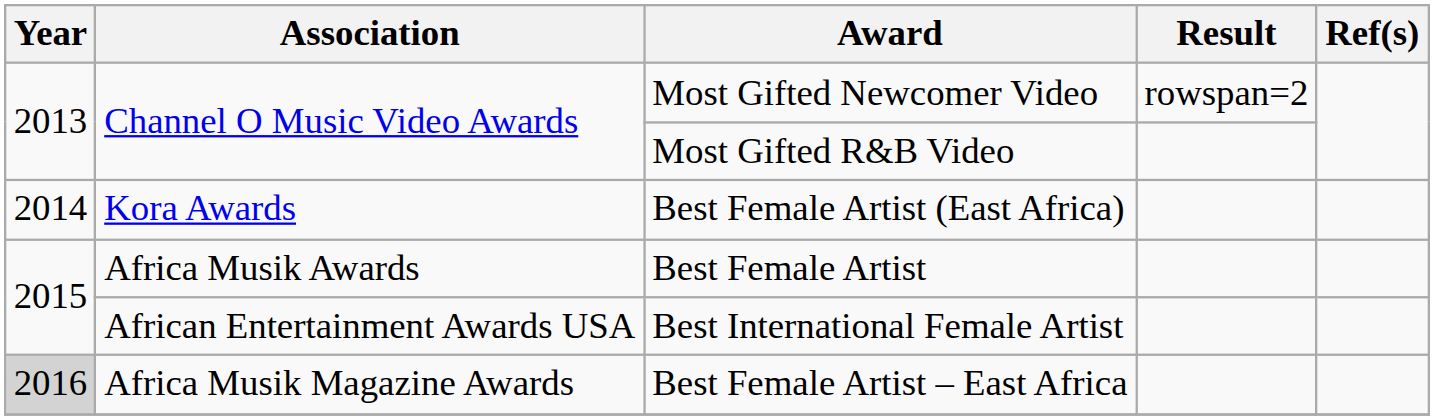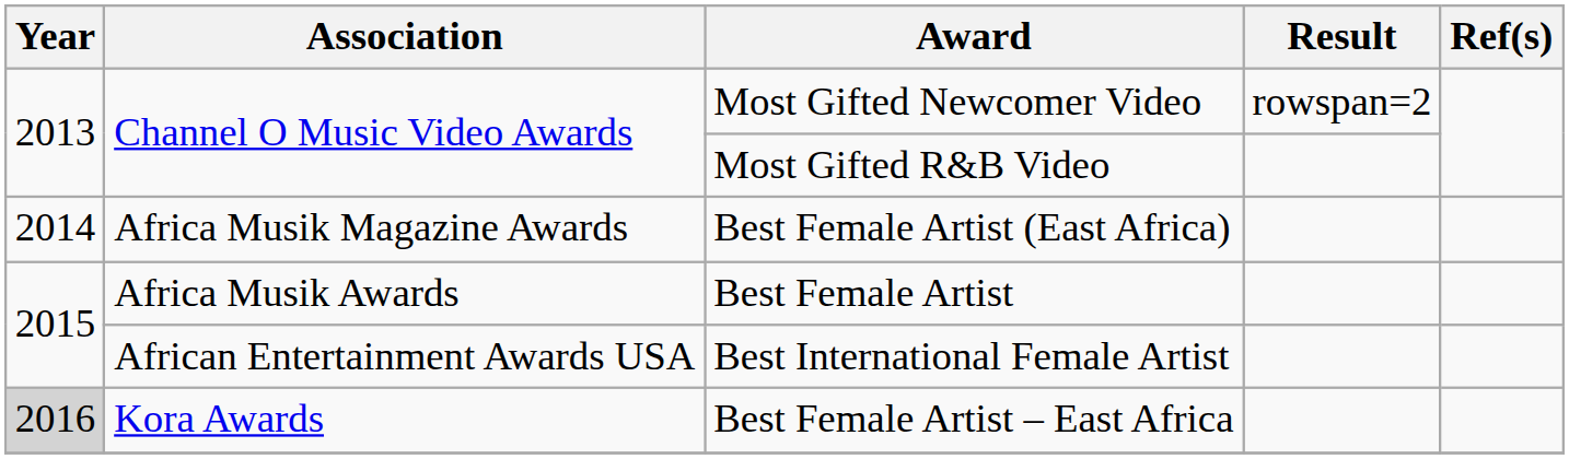 <table class="wikitable">
 <tr>
 <th>Year</th>
 <th>Association</th>
 <th>Award</th>
 <th>Result</th>
 <th>Ref(s)</th>
 </tr>
 <tr>
 <td rowspan=2>2013</td>
 <td rowspan=2><a href='#'>Channel O Music Video Awards</a></td>
 <td>Most Gifted Newcomer Video</td>
 <td>rowspan=2 </td>
 <td rowspan=2></td>
 </tr>
 <tr>
 <td>Most Gifted R&B Video</td>
 </tr>
 <tr>
 <td>2014</td>
-<td><a href='#'>Kora Awards</a></td>
+<td>Africa Musik Magazine Awards</td>
 <td>Best Female Artist (East Africa)</td>
 <td></td>
 <td></td>
 </tr>
 <tr>
 <td rowspan=2>2015</td>
 <td>Africa Musik Awards</td>
 <td>Best Female Artist</td>
 <td></td>
 <td></td>
 </tr>
 <tr>
 <td>African Entertainment Awards USA</td>
 <td>Best International Female Artist</td>
 <td></td>
 <td></td>
 </tr>
 <tr>
 <td style="background: lightgrey;">2016</td>
-<td>Africa Musik Magazine Awards</td>
+<td><a href='#'>Kora Awards</a></td>
 <td>Best Female Artist – East Africa</td>
 <td></td>
 <td></td>
 </tr>
 <tr>
 </tr>
 </table>
